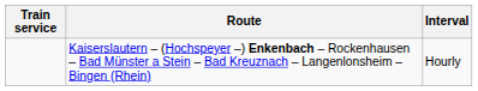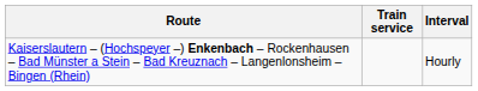 <table class="wikitable">
 <tr>
+<th>Route</th>
 <th>Train service</th>
-<th>Route</th>
 <th>Interval</th>
 </tr>
 <tr>
+<td><a href='#'>Kaiserslautern</a> – (<a href='#'>Hochspeyer</a> –) <strong>Enkenbach</strong> – Rockenhausen – <a href='#'>Bad Münster a Stein</a> – <a href='#'>Bad Kreuznach</a> – Langenlonsheim – <a href='#'>Bingen (Rhein)</a></td>
 <td></td>
-<td><a href='#'>Kaiserslautern</a> – (<a href='#'>Hochspeyer</a> –) <strong>Enkenbach</strong> – Rockenhausen – <a href='#'>Bad Münster a Stein</a> – <a href='#'>Bad Kreuznach</a> – Langenlonsheim – <a href='#'>Bingen (Rhein)</a></td>
 <td>Hourly</td>
 </tr>
 </table>
